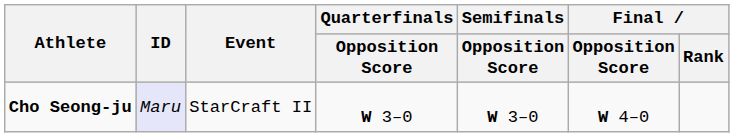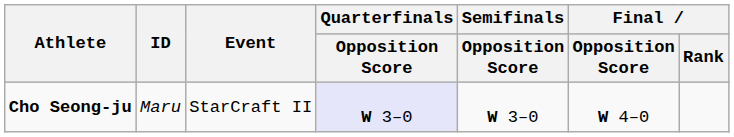 <table class=wikitable style="font-size:90%; text-align:center;">
 <tr>
 <th rowspan=2>Athlete</th>
 <th rowspan=2>ID</th>
 <th rowspan=2>Event</th>
 <th>Quarterfinals</th>
 <th>Semifinals</th>
 <th colspan=2>Final / </th>
 </tr>
 <tr>
 <th>Opposition<br>Score</th>
 <th>Opposition<br>Score</th>
 <th>Opposition<br>Score</th>
 <th>Rank</th>
 </tr>
 <tr>
 <td align=left><strong>Cho Seong-ju</strong></td>
-<td align=left style="background: lavender;"><em>Maru</em></td>
+<td align=left><em>Maru</em></td>
 <td align=left>StarCraft II</td>
-<td><br><strong>W</strong> 3–0</td>
+<td style="background: lavender;"><br><strong>W</strong> 3–0</td>
 <td><br><strong>W</strong> 3–0</td>
 <td><br><strong>W</strong> 4–0</td>
 <td></td>
 </tr>
 </table>
